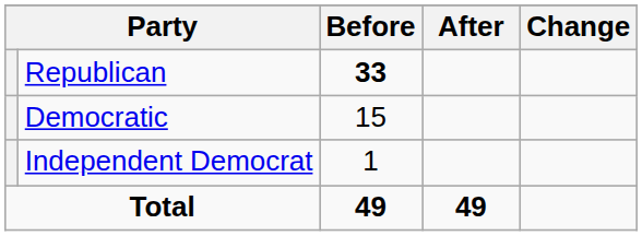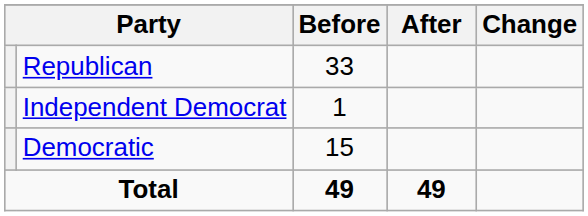 <table class="wikitable" style="text-align:center;">
 <tr>
 </tr>
 <tr>
 <th colspan="2">Party</th>
 <th style="width:3em">Before</th>
 <th style="width:3em">After</th>
 <th style="width:3em">Change</th>
 </tr>
 <tr>
 <th style="background-color:"></th>
 <td style="text-align:left;"><a href='#'>Republican</a></td>
-<td><strong>33</strong></td>
+<td>33</td>
+<td></td>
+<td></td>
+</tr>
+<tr>
+<th style="background-color:"></th>
+<td style="text-align:left;"><a href='#'>Independent Democrat</a></td>
+<td>1</td>
 <td></td>
 <td></td>
 </tr>
 <tr>
 <th style="background-color:"></th>
 <td style="text-align:left;"><a href='#'>Democratic</a></td>
 <td>15</td>
 <td></td>
 <td></td>
 </tr>
 <tr>
-<th style="background-color:"></th>
-<td style="text-align:left;"><a href='#'>Independent Democrat</a></td>
-<td>1</td>
-<td></td>
-<td></td>
-</tr>
-<tr>
 <td colspan="2"><strong>Total</strong></td>
 <td><strong>49</strong></td>
 <td><strong>49</strong></td>
 <td></td>
 </tr>
 </table>
